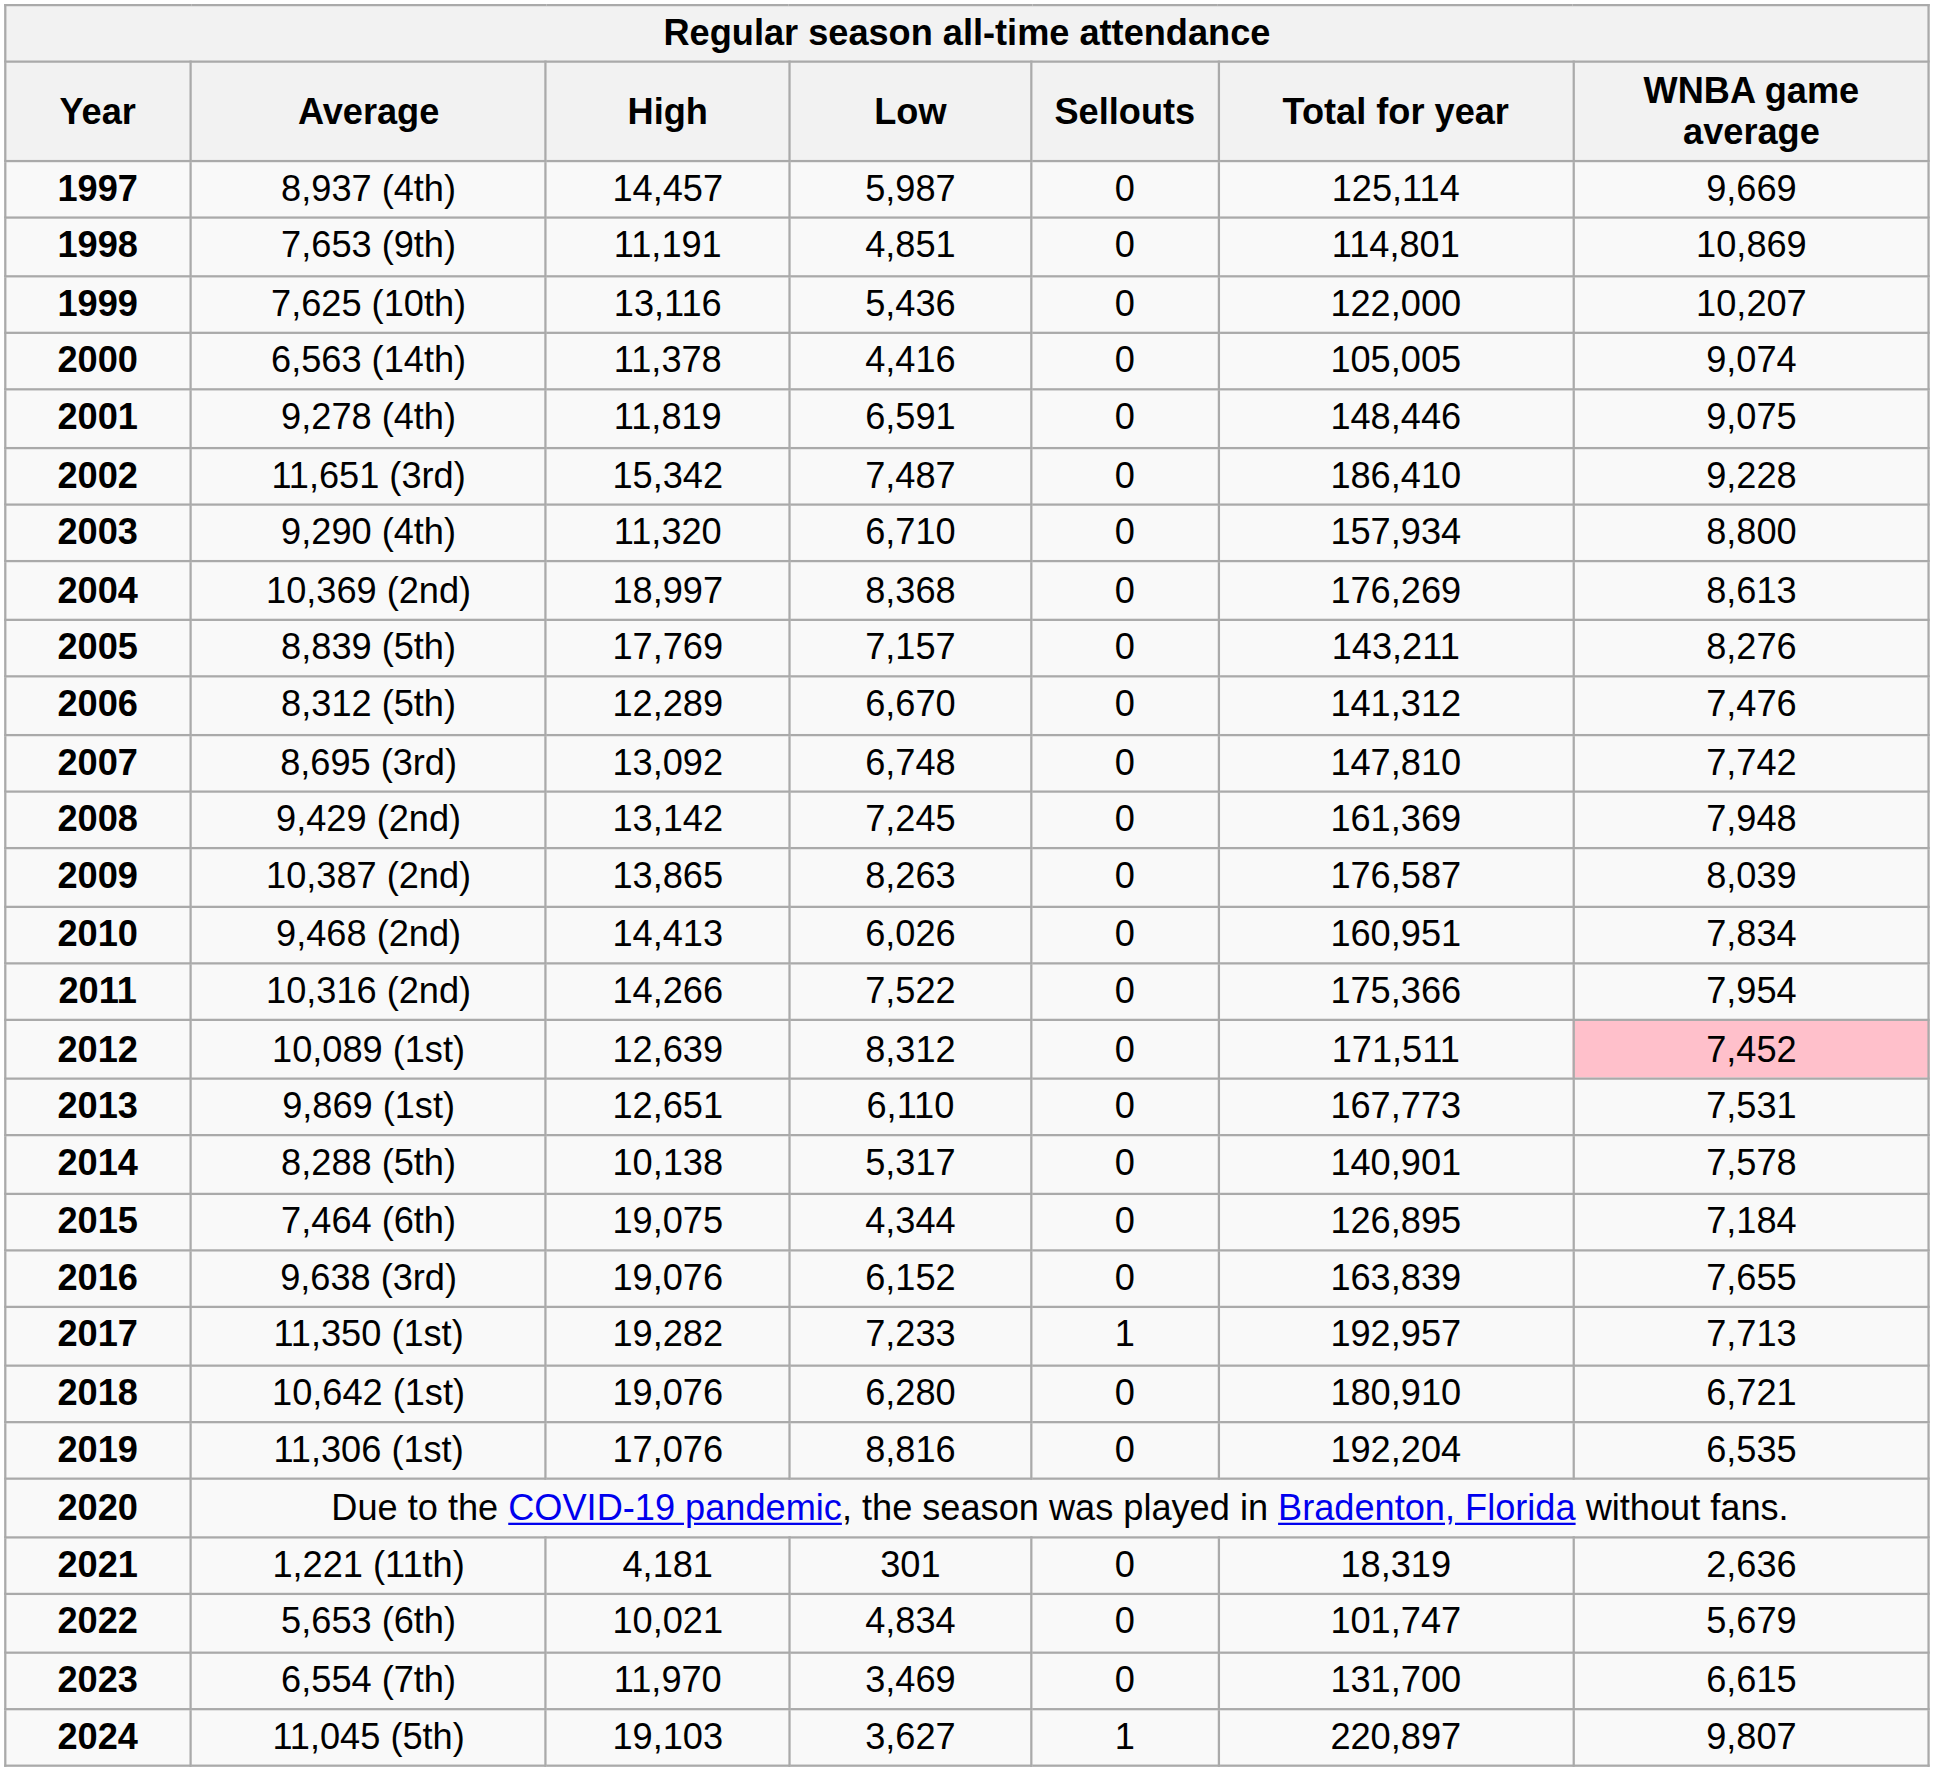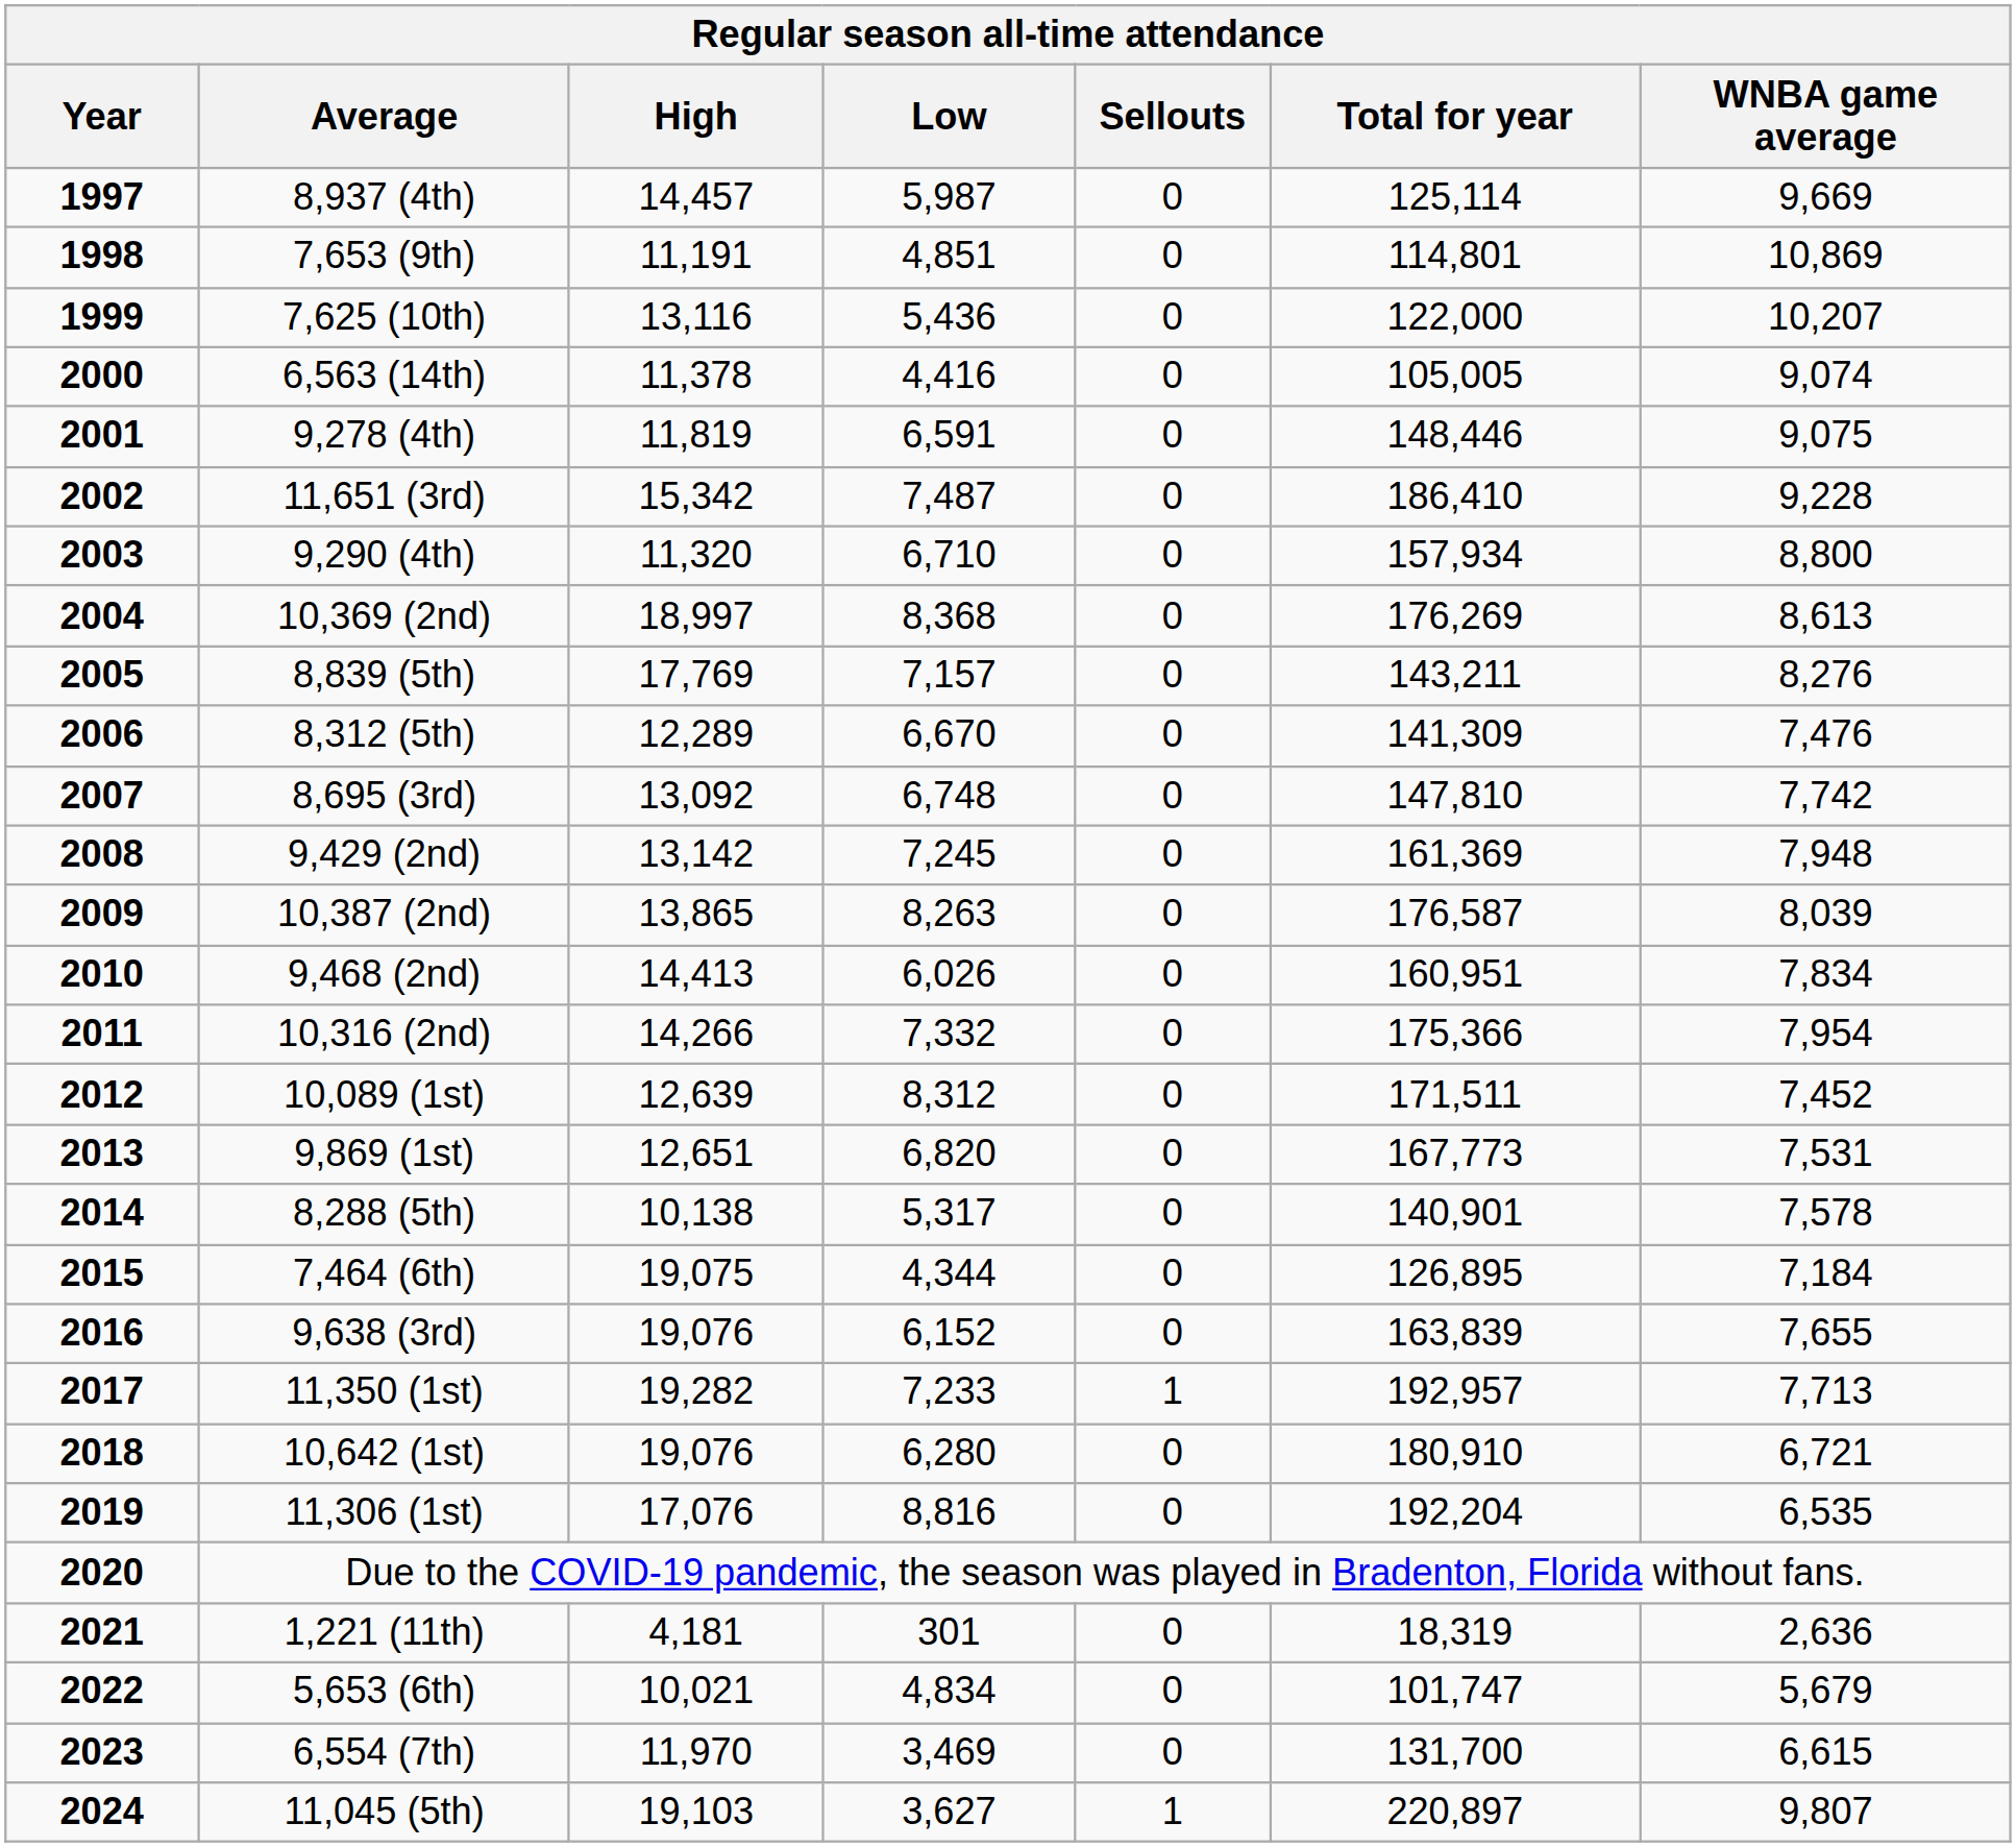 <table class="wikitable" style="clear:both; margin:1.5em auto; text-align:center;">
 <tr>
 <th colspan=7>Regular season all-time attendance</th>
 </tr>
 <tr>
 <th style="width:75px;">Year</th>
 <th style="width:150px;">Average</th>
 <th style="width:100px;">High</th>
 <th style="width:100px;">Low</th>
 <th style="width:75px;">Sellouts</th>
 <th style="width:150px;">Total for year</th>
 <th style="width:150px;">WNBA game average</th>
 </tr>
 <tr>
 <td><strong>1997</strong></td>
 <td>8,937 (4th)</td>
 <td>14,457</td>
 <td>5,987</td>
 <td>0</td>
 <td>125,114</td>
 <td>9,669</td>
 </tr>
 <tr>
 <td><strong>1998</strong></td>
 <td>7,653 (9th)</td>
 <td>11,191</td>
 <td>4,851</td>
 <td>0</td>
 <td>114,801</td>
 <td>10,869</td>
 </tr>
 <tr>
 <td><strong>1999</strong></td>
 <td>7,625 (10th)</td>
 <td>13,116</td>
 <td>5,436</td>
 <td>0</td>
 <td>122,000</td>
 <td>10,207</td>
 </tr>
 <tr>
 <td><strong>2000</strong></td>
 <td>6,563 (14th)</td>
 <td>11,378</td>
 <td>4,416</td>
 <td>0</td>
 <td>105,005</td>
 <td>9,074</td>
 </tr>
 <tr>
 <td><strong>2001</strong></td>
 <td>9,278 (4th)</td>
 <td>11,819</td>
 <td>6,591</td>
 <td>0</td>
 <td>148,446</td>
 <td>9,075</td>
 </tr>
 <tr>
 <td><strong>2002</strong></td>
 <td>11,651 (3rd)</td>
 <td>15,342</td>
 <td>7,487</td>
 <td>0</td>
 <td>186,410</td>
 <td>9,228</td>
 </tr>
 <tr>
 <td><strong>2003</strong></td>
 <td>9,290 (4th)</td>
 <td>11,320</td>
 <td>6,710</td>
 <td>0</td>
 <td>157,934</td>
 <td>8,800</td>
 </tr>
 <tr>
 <td><strong>2004</strong></td>
 <td>10,369 (2nd)</td>
 <td>18,997</td>
 <td>8,368</td>
 <td>0</td>
 <td>176,269</td>
 <td>8,613</td>
 </tr>
 <tr>
 <td><strong>2005</strong></td>
 <td>8,839 (5th)</td>
 <td>17,769</td>
 <td>7,157</td>
 <td>0</td>
 <td>143,211</td>
 <td>8,276</td>
 </tr>
 <tr>
 <td><strong>2006</strong></td>
 <td>8,312 (5th)</td>
 <td>12,289</td>
 <td>6,670</td>
 <td>0</td>
-<td>141,312</td>
+<td>141,309</td>
 <td>7,476</td>
 </tr>
 <tr>
 <td><strong>2007</strong></td>
 <td>8,695 (3rd)</td>
 <td>13,092</td>
 <td>6,748</td>
 <td>0</td>
 <td>147,810</td>
 <td>7,742</td>
 </tr>
 <tr>
 <td><strong>2008</strong></td>
 <td>9,429 (2nd)</td>
 <td>13,142</td>
 <td>7,245</td>
 <td>0</td>
 <td>161,369</td>
 <td>7,948</td>
 </tr>
 <tr>
 <td><strong>2009</strong></td>
 <td>10,387 (2nd)</td>
 <td>13,865</td>
 <td>8,263</td>
 <td>0</td>
 <td>176,587</td>
 <td>8,039</td>
 </tr>
 <tr>
 <td><strong>2010</strong></td>
 <td>9,468 (2nd)</td>
 <td>14,413</td>
 <td>6,026</td>
 <td>0</td>
 <td>160,951</td>
 <td>7,834</td>
 </tr>
 <tr>
 <td><strong>2011</strong></td>
 <td>10,316 (2nd)</td>
 <td>14,266</td>
-<td>7,522</td>
+<td>7,332</td>
 <td>0</td>
 <td>175,366</td>
 <td>7,954</td>
 </tr>
 <tr>
 <td><strong>2012</strong></td>
 <td>10,089 (1st)</td>
 <td>12,639</td>
 <td>8,312</td>
 <td>0</td>
 <td>171,511</td>
-<td style="background: pink;">7,452</td>
+<td>7,452</td>
 </tr>
 <tr>
 <td><strong>2013</strong></td>
 <td>9,869 (1st)</td>
 <td>12,651</td>
-<td>6,110</td>
+<td>6,820</td>
 <td>0</td>
 <td>167,773</td>
 <td>7,531</td>
 </tr>
 <tr>
 <td><strong>2014</strong></td>
 <td>8,288 (5th)</td>
 <td>10,138</td>
 <td>5,317</td>
 <td>0</td>
 <td>140,901</td>
 <td>7,578</td>
 </tr>
 <tr>
 <td><strong>2015</strong></td>
 <td>7,464 (6th)</td>
 <td>19,075</td>
 <td>4,344</td>
 <td>0</td>
 <td>126,895</td>
 <td>7,184</td>
 </tr>
 <tr>
 <td><strong>2016</strong></td>
 <td>9,638 (3rd)</td>
 <td>19,076</td>
 <td>6,152</td>
 <td>0</td>
 <td>163,839</td>
 <td>7,655</td>
 </tr>
 <tr>
 <td><strong>2017</strong></td>
 <td>11,350 (1st)</td>
 <td>19,282</td>
 <td>7,233</td>
 <td>1</td>
 <td>192,957</td>
 <td>7,713</td>
 </tr>
 <tr>
 <td><strong>2018</strong></td>
 <td>10,642 (1st)</td>
 <td>19,076</td>
 <td>6,280</td>
 <td>0</td>
 <td>180,910</td>
 <td>6,721</td>
 </tr>
 <tr>
 <td><strong>2019</strong></td>
 <td>11,306 (1st)</td>
 <td>17,076</td>
 <td>8,816</td>
 <td>0</td>
 <td>192,204</td>
 <td>6,535</td>
 </tr>
 <tr align="center">
 <td><strong>2020</strong></td>
 <td colspan=6>Due to the <a href='#'>COVID-19 pandemic</a>, the season was played in <a href='#'>Bradenton, Florida</a> without fans.</td>
 </tr>
 <tr>
 <td><strong>2021</strong></td>
 <td>1,221 (11th)</td>
 <td>4,181</td>
 <td>301</td>
 <td>0</td>
 <td>18,319</td>
 <td>2,636</td>
 </tr>
 <tr>
 <td><strong>2022</strong></td>
 <td>5,653 (6th)</td>
 <td>10,021</td>
 <td>4,834</td>
 <td>0</td>
 <td>101,747</td>
 <td>5,679</td>
 </tr>
 <tr>
 <td><strong>2023</strong></td>
 <td>6,554 (7th)</td>
 <td>11,970</td>
 <td>3,469</td>
 <td>0</td>
 <td>131,700</td>
 <td>6,615</td>
 </tr>
 <tr>
 <td><strong>2024</strong></td>
 <td>11,045 (5th)</td>
 <td>19,103</td>
 <td>3,627</td>
 <td>1</td>
 <td>220,897</td>
 <td>9,807</td>
 </tr>
 </table>
